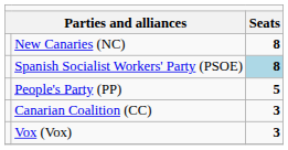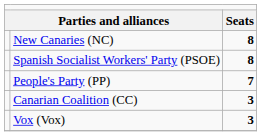 <table class="wikitable" style="text-align:right;">
 <tr>
 <td colspan="7"></td>
 </tr>
 <tr>
 <th colspan="2">Parties and alliances</th>
 <th colspan="2">Seats</th>
 </tr>
 <tr>
 <td style="color:inherit;background:"></td>
 <td align="left"><a href='#'>New Canaries</a> (NC)</td>
 <td><strong>8</strong></td>
 </tr>
 <tr>
 <td style="color:inherit;background:"></td>
 <td align="left"><a href='#'>Spanish Socialist Workers' Party</a> (PSOE)</td>
-<td style="background: lightblue;"><strong>8</strong></td>
+<td><strong>8</strong></td>
 </tr>
 <tr>
 <td style="color:inherit;background:"></td>
 <td align="left"><a href='#'>People's Party</a> (PP)</td>
-<td><strong>5</strong></td>
+<td><strong>7</strong></td>
 </tr>
 <tr>
 <td style="color:inherit;background:"></td>
 <td align="left"><a href='#'>Canarian Coalition</a> (CC)</td>
 <td><strong>3</strong></td>
 </tr>
 <tr>
 <td style="color:inherit;background:"></td>
 <td align="left"><a href='#'>Vox</a> (Vox)</td>
 <td><strong>3</strong></td>
 </tr>
 <tr>
 </tr>
 </table>
